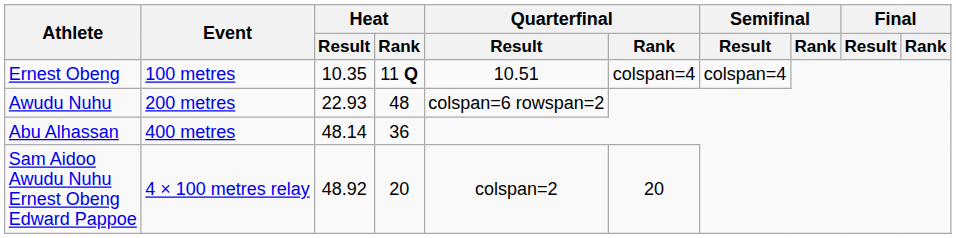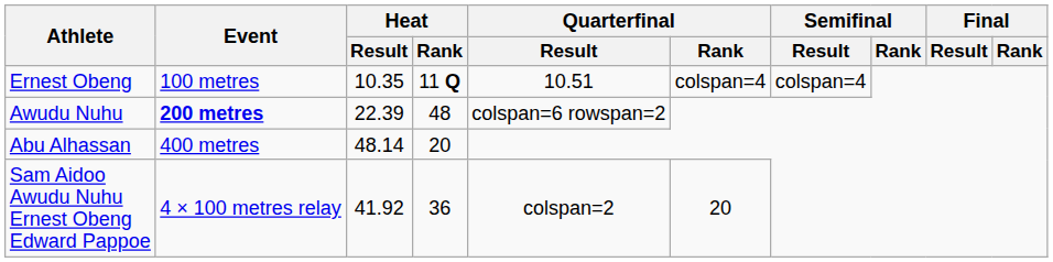 <table class=wikitable style=font-size:90%>
 <tr>
 <th rowspan=2>Athlete</th>
 <th rowspan=2>Event</th>
 <th colspan=2>Heat</th>
 <th colspan=2>Quarterfinal</th>
 <th colspan=2>Semifinal</th>
 <th colspan=2>Final</th>
 </tr>
 <tr style=font-size:95%>
 <th>Result</th>
 <th>Rank</th>
 <th>Result</th>
 <th>Rank</th>
 <th>Result</th>
 <th>Rank</th>
 <th>Result</th>
 <th>Rank</th>
 </tr>
 <tr align=center>
 <td align=left><a href='#'>Ernest Obeng</a></td>
 <td align=left><a href='#'>100 metres</a></td>
 <td>10.35</td>
 <td>11 <strong>Q</strong></td>
 <td>10.51</td>
 <td>colspan=4 </td>
 <td>colspan=4 </td>
 </tr>
 <tr align=center>
 <td align=left><a href='#'>Awudu Nuhu</a></td>
-<td align=left><a href='#'>200 metres</a></td>
-<td>22.93</td>
+<td align=left><strong><a href='#'>200 metres</a></strong></td>
+<td>22.39</td>
 <td>48</td>
 <td>colspan=6 rowspan=2 </td>
 </tr>
 <tr align=center>
 <td align=left><a href='#'>Abu Alhassan</a></td>
 <td align=left><a href='#'>400 metres</a></td>
 <td>48.14</td>
-<td>36</td>
+<td>20</td>
 </tr>
 <tr align=center>
 <td align=left><a href='#'>Sam Aidoo</a><br><a href='#'>Awudu Nuhu</a><br><a href='#'>Ernest Obeng</a><br><a href='#'>Edward Pappoe</a></td>
 <td align=left><a href='#'>4 × 100 metres relay</a></td>
-<td>48.92</td>
-<td>20</td>
+<td>41.92</td>
+<td>36</td>
 <td>colspan=2 </td>
 <td>20</td>
 </tr>
 </table>
